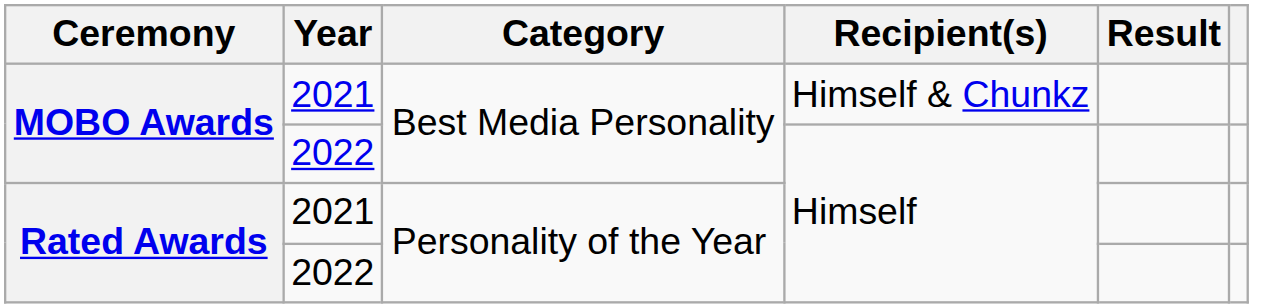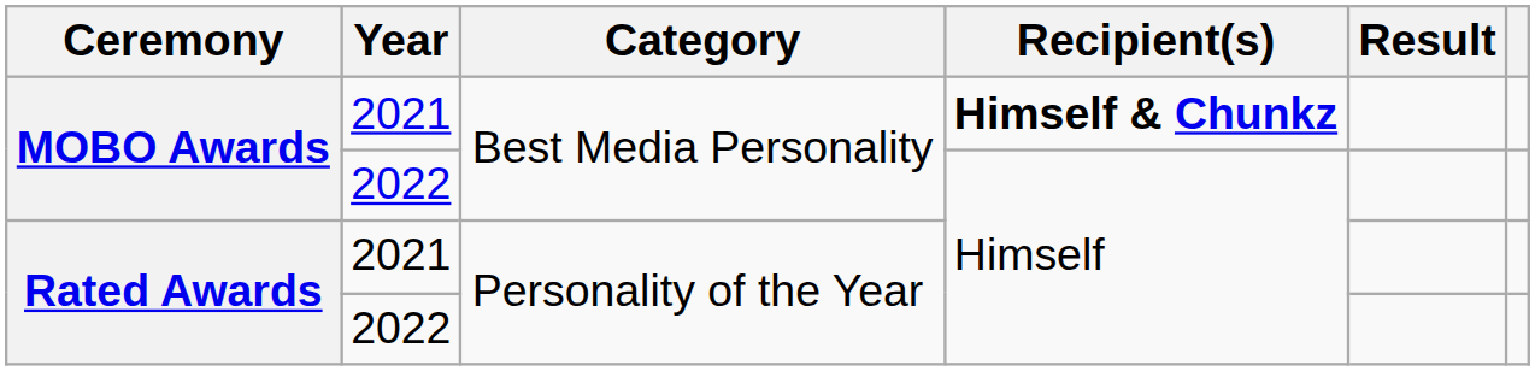 <table class="wikitable plainrowheaders sortable">
 <tr>
 <th scope="col">Ceremony</th>
 <th scope="col">Year</th>
 <th scope="col">Category</th>
 <th scope="col">Recipient(s)</th>
 <th scope="col">Result</th>
 <th class="unsortable" scope="col"></th>
 </tr>
 <tr>
 <th scope="row" rowspan="2"><a href='#'>MOBO Awards</a></th>
 <td><a href='#'>2021</a></td>
 <td rowspan="2">Best Media Personality</td>
-<td>Himself & <a href='#'>Chunkz</a></td>
+<td><strong>Himself & <a href='#'>Chunkz</a></strong></td>
 <td></td>
 <td align="center"></td>
 </tr>
 <tr>
 <td><a href='#'>2022</a></td>
 <td rowspan="3">Himself</td>
 <td></td>
 <td align="center"></td>
 </tr>
 <tr>
 <th scope="row" rowspan="2"><a href='#'>Rated Awards</a></th>
 <td>2021</td>
 <td rowspan="2">Personality of the Year</td>
 <td></td>
 <td align="center"></td>
 </tr>
 <tr>
 <td>2022</td>
 <td></td>
 <td align="center"></td>
 </tr>
 </table>
